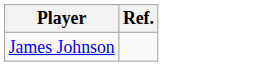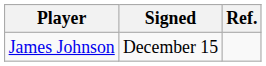 <table class="wikitable sortable sortable" style="text-align: center">
 <tr>
 <th>Player</th>
+<th>Signed</th>
 <th>Ref.</th>
 </tr>
 <tr>
 <td><a href='#'>James Johnson</a></td>
+<td>December 15</td>
 <td></td>
 </tr>
 </table>
